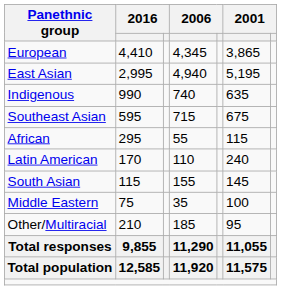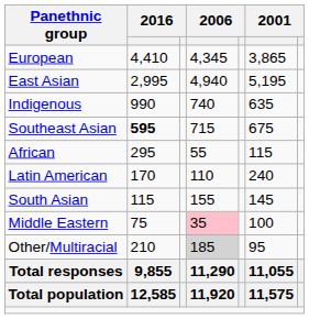 <table class="wikitable sortable">
 <tr>
 <th rowspan="2"><a href='#'>Panethnic</a><br>group</th>
 <th colspan="2">2016</th>
 <th colspan="2">2006</th>
 <th colspan="2">2001</th>
 </tr>
 <tr>
 <th><a href='#'></a></th>
 <th></th>
 <th></th>
 <th></th>
 <th></th>
 <th></th>
 </tr>
 <tr>
 <td><a href='#'>European</a></td>
 <td>4,410</td>
 <td></td>
 <td>4,345</td>
 <td></td>
 <td>3,865</td>
 <td></td>
 </tr>
 <tr>
 <td><a href='#'>East Asian</a></td>
 <td>2,995</td>
 <td></td>
 <td>4,940</td>
 <td></td>
 <td>5,195</td>
 <td></td>
 </tr>
 <tr>
 <td><a href='#'>Indigenous</a></td>
 <td>990</td>
 <td></td>
 <td>740</td>
 <td></td>
 <td>635</td>
 <td></td>
 </tr>
 <tr>
 <td><a href='#'>Southeast Asian</a></td>
-<td>595</td>
+<td><strong>595</strong></td>
 <td></td>
 <td>715</td>
 <td></td>
 <td>675</td>
 <td></td>
 </tr>
 <tr>
 <td><a href='#'>African</a></td>
 <td>295</td>
 <td></td>
 <td>55</td>
 <td></td>
 <td>115</td>
 <td></td>
 </tr>
 <tr>
 <td><a href='#'>Latin American</a></td>
 <td>170</td>
 <td></td>
 <td>110</td>
 <td></td>
 <td>240</td>
 <td></td>
 </tr>
 <tr>
 <td><a href='#'>South Asian</a></td>
 <td>115</td>
 <td></td>
 <td>155</td>
 <td></td>
 <td>145</td>
 <td></td>
 </tr>
 <tr>
 <td><a href='#'>Middle Eastern</a></td>
 <td>75</td>
 <td></td>
-<td>35</td>
+<td style="background: pink;">35</td>
 <td></td>
 <td>100</td>
 <td></td>
 </tr>
 <tr>
 <td>Other/<a href='#'>Multiracial</a></td>
 <td>210</td>
 <td></td>
-<td>185</td>
+<td style="background: lightgrey;">185</td>
 <td></td>
 <td>95</td>
 <td></td>
 </tr>
 <tr>
 <th>Total responses</th>
 <th>9,855</th>
 <th></th>
 <th>11,290</th>
 <th></th>
 <th>11,055</th>
 <th></th>
 </tr>
 <tr>
 <th>Total population</th>
 <th>12,585</th>
 <th></th>
 <th>11,920</th>
 <th></th>
 <th>11,575</th>
 <th></th>
 </tr>
 <tr class="sortbottom">
 <td colspan="10"></td>
 </tr>
 </table>
